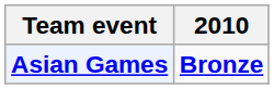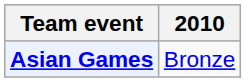 <table class="wikitable" style="font-size: 90%; text-align:center">
 <tr>
 <th>Team event</th>
 <th>2010</th>
 </tr>
 <tr>
 <td bgcolor="#ECF2FF"; align="left"><strong><a href='#'>Asian Games</a></strong></td>
-<td><strong> <a href='#'>Bronze</a></strong></td>
+<td> <a href='#'>Bronze</a></td>
 </tr>
 </table>
